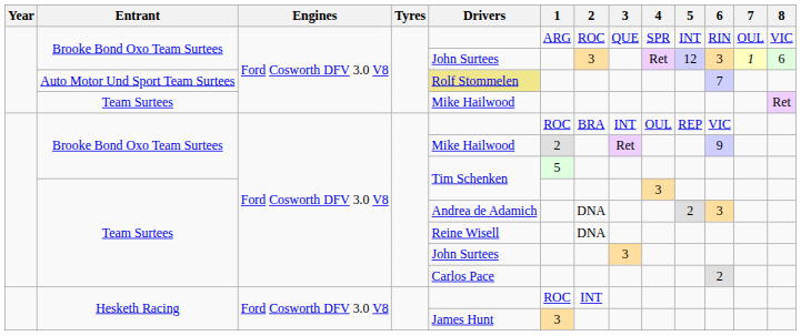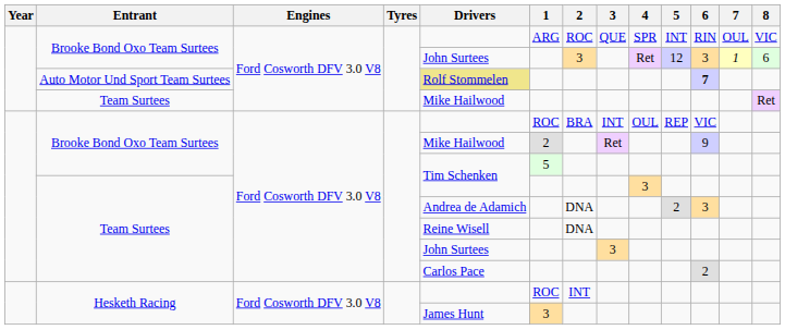 <table class="wikitable" style="text-align:center; font-size:95%">
 <tr>
 <th>Year</th>
 <th>Entrant</th>
 <th>Engines</th>
 <th>Tyres</th>
 <th>Drivers</th>
 <th>1</th>
 <th>2</th>
 <th>3</th>
 <th>4</th>
 <th>5</th>
 <th>6</th>
 <th>7</th>
 <th>8</th>
 </tr>
 <tr>
 <td rowspan="4"></td>
 <td rowspan="2"><a href='#'>Brooke Bond Oxo Team Surtees</a></td>
 <td rowspan="4"><a href='#'>Ford</a> <a href='#'>Cosworth DFV</a> 3.0 <a href='#'>V8</a></td>
 <td rowspan="4"></td>
 <td></td>
 <td><a href='#'>ARG</a></td>
 <td><a href='#'>ROC</a></td>
 <td><a href='#'>QUE</a></td>
 <td><a href='#'>SPR</a></td>
 <td><a href='#'>INT</a></td>
 <td><a href='#'>RIN</a></td>
 <td><a href='#'>OUL</a></td>
 <td><a href='#'>VIC</a></td>
 </tr>
 <tr>
 <td align="left"> <a href='#'>John Surtees</a></td>
 <td></td>
 <td style="background:#FFDF9F;">3</td>
 <td></td>
 <td style="background:#EFCFFF;">Ret</td>
 <td style="background:#CFCFFF;">12</td>
 <td style="background:#FFDF9F;">3</td>
 <td style="background:#FFFFBF;"><em>1</em></td>
 <td style="background:#DFFFDF;">6</td>
 </tr>
 <tr>
 <td><a href='#'>Auto Motor Und Sport Team Surtees</a></td>
 <td align="left" style="background: khaki;"> <a href='#'>Rolf Stommelen</a></td>
 <td></td>
 <td></td>
 <td></td>
 <td></td>
 <td></td>
-<td style="background:#CFCFFF;">7</td>
+<td style="background:#CFCFFF;"><strong>7</strong></td>
 <td></td>
 <td></td>
 </tr>
 <tr>
 <td><a href='#'>Team Surtees</a></td>
 <td align="left"> <a href='#'>Mike Hailwood</a></td>
 <td></td>
 <td></td>
 <td></td>
 <td></td>
 <td></td>
 <td></td>
 <td></td>
 <td style="background:#EFCFFF;">Ret</td>
 </tr>
 <tr>
 <td rowspan="8"></td>
 <td rowspan="3"><a href='#'>Brooke Bond Oxo Team Surtees</a></td>
 <td rowspan="8"><a href='#'>Ford</a> <a href='#'>Cosworth DFV</a> 3.0 <a href='#'>V8</a></td>
 <td rowspan="8"></td>
 <td></td>
 <td><a href='#'>ROC</a></td>
 <td><a href='#'>BRA</a></td>
 <td><a href='#'>INT</a></td>
 <td><a href='#'>OUL</a></td>
 <td><a href='#'>REP</a></td>
 <td><a href='#'>VIC</a></td>
 <td></td>
 <td></td>
 </tr>
 <tr>
 <td align="left"> <a href='#'>Mike Hailwood</a></td>
 <td style="background:#DFDFDF;">2</td>
 <td></td>
 <td style="background:#EFCFFF;">Ret</td>
 <td></td>
 <td></td>
 <td style="background:#CFCFFF;">9</td>
 <td></td>
 <td></td>
 </tr>
 <tr>
 <td rowspan="2" align="left"> <a href='#'>Tim Schenken</a></td>
 <td style="background:#DFFFDF;">5</td>
 <td></td>
 <td></td>
 <td></td>
 <td></td>
 <td></td>
 <td></td>
 <td></td>
 </tr>
 <tr>
 <td rowspan="5"><a href='#'>Team Surtees</a></td>
 <td></td>
 <td></td>
 <td></td>
 <td style="background:#FFDF9F;">3</td>
 <td></td>
 <td></td>
 <td></td>
 <td></td>
 </tr>
 <tr>
 <td align="left"> <a href='#'>Andrea de Adamich</a></td>
 <td></td>
 <td>DNA</td>
 <td></td>
 <td></td>
 <td style="background:#DFDFDF;">2</td>
 <td style="background:#FFDF9F;">3</td>
 <td></td>
 <td></td>
 </tr>
 <tr>
 <td align="left"> <a href='#'>Reine Wisell</a></td>
 <td></td>
 <td>DNA</td>
 <td></td>
 <td></td>
 <td></td>
 <td></td>
 <td></td>
 <td></td>
 </tr>
 <tr>
 <td align="left"> <a href='#'>John Surtees</a></td>
 <td></td>
 <td></td>
 <td style="background:#FFDF9F;">3</td>
 <td></td>
 <td></td>
 <td></td>
 <td></td>
 <td></td>
 </tr>
 <tr>
 <td align="left"> <a href='#'>Carlos Pace</a></td>
 <td></td>
 <td></td>
 <td></td>
 <td></td>
 <td></td>
 <td style="background:#DFDFDF;">2</td>
 <td></td>
 <td></td>
 </tr>
 <tr>
 <td rowspan="2"></td>
 <td rowspan="2"><a href='#'>Hesketh Racing</a></td>
 <td rowspan="2"><a href='#'>Ford</a> <a href='#'>Cosworth DFV</a> 3.0 <a href='#'>V8</a></td>
 <td rowspan="2"></td>
 <td></td>
 <td><a href='#'>ROC</a></td>
 <td><a href='#'>INT</a></td>
 <td></td>
 <td></td>
 <td></td>
 <td></td>
 <td></td>
 <td></td>
 </tr>
 <tr>
 <td align="left"> <a href='#'>James Hunt</a></td>
 <td style="background:#FFDF9F;">3</td>
 <td></td>
 <td></td>
 <td></td>
 <td></td>
 <td></td>
 <td></td>
 <td></td>
 </tr>
 </table>
